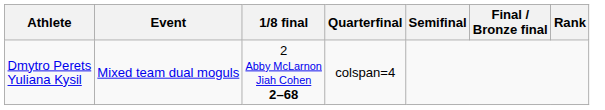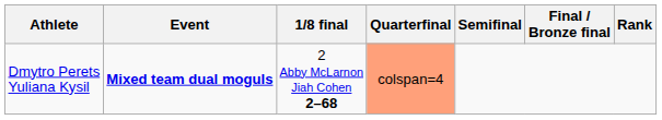 <table class="wikitable" style="font-size:90%">
 <tr>
 <th>Athlete</th>
 <th>Event</th>
 <th>1/8 final</th>
 <th>Quarterfinal</th>
 <th>Semifinal</th>
 <th>Final /<br>Bronze final</th>
 <th>Rank</th>
 </tr>
 <tr align="center">
 <td align="left"><a href='#'>Dmytro Perets</a><br><a href='#'>Yuliana Kysil</a></td>
-<td align="left"><a href='#'>Mixed team dual moguls</a></td>
+<td align="left"><strong><a href='#'>Mixed team dual moguls</a></strong></td>
 <td> 2<br><small><a href='#'>Abby McLarnon</a><br><a href='#'>Jiah Cohen</a></small><br><strong>2–68</strong></td>
-<td>colspan=4 </td>
+<td style="background: lightsalmon;">colspan=4 </td>
 </tr>
 </table>
